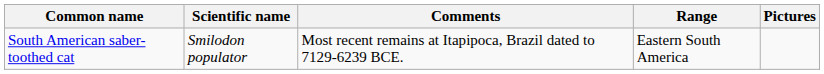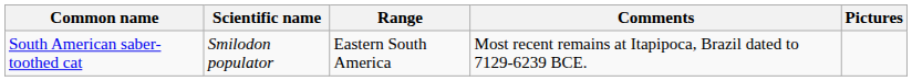 <table class="wikitable">
 <tr>
 <th>Common name</th>
 <th>Scientific name</th>
+<th>Range</th>
 <th class="unsortable">Comments</th>
-<th>Range</th>
 <th>Pictures</th>
 </tr>
 <tr>
 <td><a href='#'>South American saber-toothed cat</a></td>
 <td><em>Smilodon populator</em></td>
+<td>Eastern South America</td>
 <td>Most recent remains at Itapipoca, Brazil dated to 7129-6239 BCE.</td>
-<td>Eastern South America</td>
 <td></td>
 </tr>
 </table>
